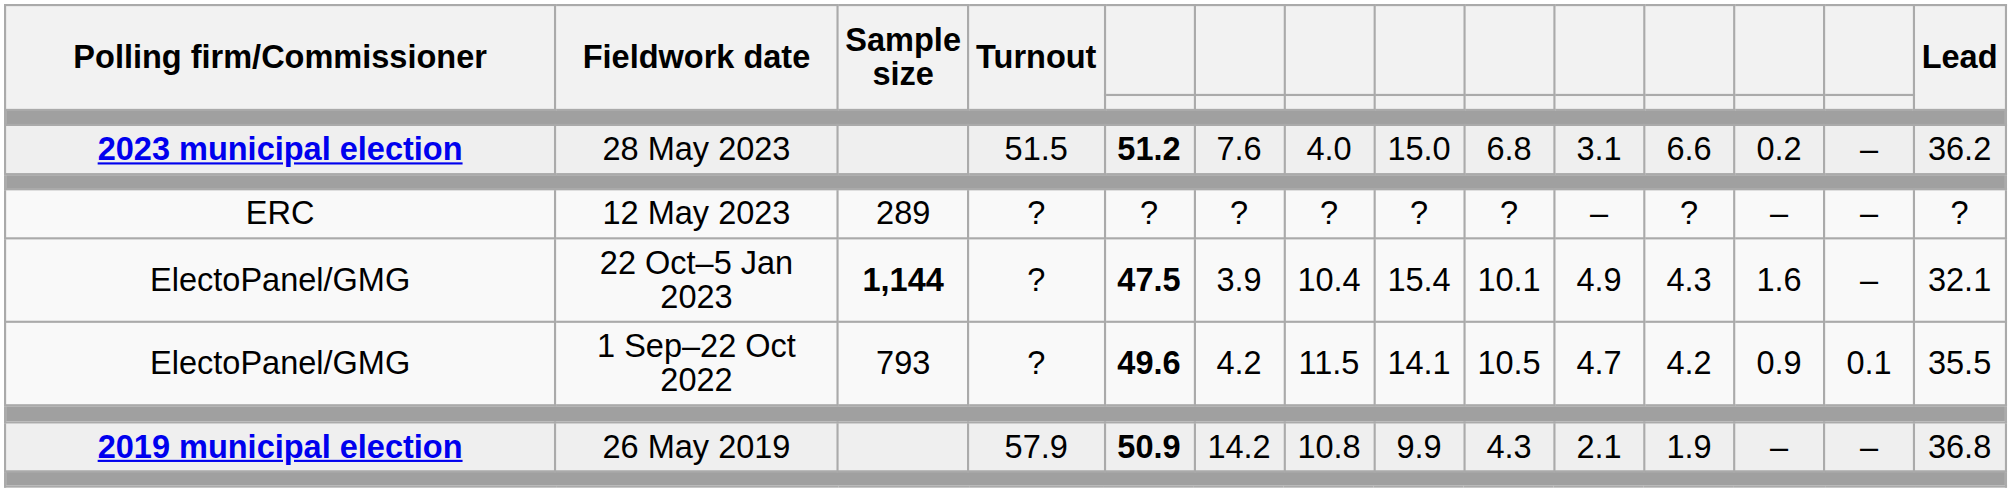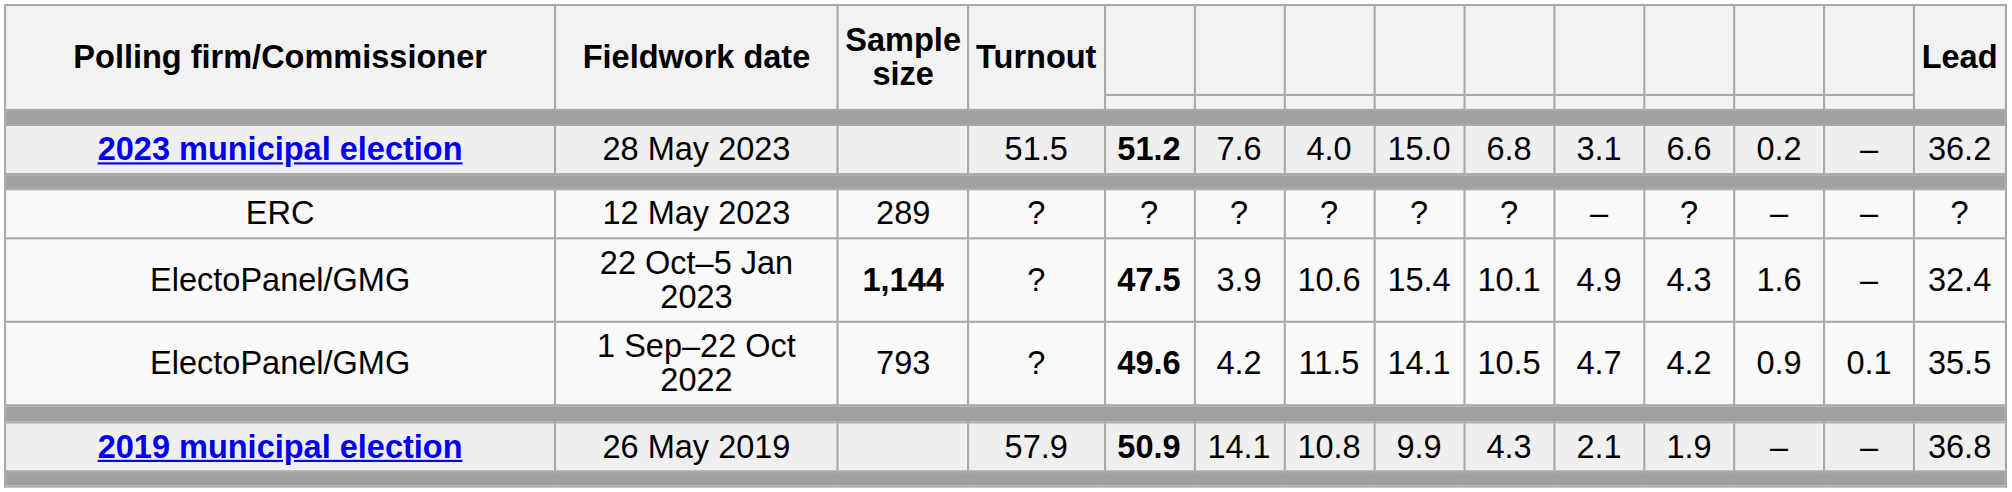 <table class="wikitable collapsible collapsed" style="text-align:center; font-size:95%; line-height:16px;">
 <tr style="height:42px;">
 <th style="width:250px;" rowspan="2">Polling firm/Commissioner</th>
 <th style="width:125px;" rowspan="2">Fieldwork date</th>
 <th style="width:50px;" rowspan="2">Sample size</th>
 <th style="width:45px;" rowspan="2">Turnout</th>
 <th style="width:35px;"></th>
 <th style="width:35px;"></th>
 <th style="width:35px;"></th>
 <th style="width:35px;"></th>
 <th style="width:35px;"></th>
 <th style="width:35px;"><br></th>
 <th style="width:35px;"></th>
 <th style="width:35px;"></th>
 <th style="width:35px;"></th>
 <th style="width:30px;" rowspan="2">Lead</th>
 </tr>
 <tr>
 <th style="color:inherit;background:"></th>
 <th style="color:inherit;background:"></th>
 <th style="color:inherit;background:"></th>
 <th style="color:inherit;background:"></th>
 <th style="color:inherit;background:"></th>
 <th style="color:inherit;background:"></th>
 <th style="color:inherit;background:"></th>
 <th style="color:inherit;background:"></th>
 <th style="color:inherit;background:"></th>
 </tr>
 <tr>
 <td colspan="15" style="background:#A0A0A0"></td>
 </tr>
 <tr style="background:#EFEFEF;">
 <td><strong><a href='#'>2023 municipal election</a></strong></td>
 <td>28 May 2023</td>
 <td></td>
 <td>51.5</td>
 <td><strong>51.2</strong><br></td>
 <td>7.6<br></td>
 <td>4.0<br></td>
 <td>15.0<br></td>
 <td>6.8<br></td>
 <td>3.1<br></td>
 <td>6.6<br></td>
 <td>0.2<br></td>
 <td>–</td>
 <td style="background:">36.2</td>
 </tr>
 <tr>
 <td colspan="15" style="background:#A0A0A0"></td>
 </tr>
 <tr>
 <td>ERC</td>
 <td>12 May 2023</td>
 <td>289</td>
 <td>?</td>
 <td>?<br></td>
 <td>?<br></td>
 <td>?<br></td>
 <td>?<br></td>
 <td>?<br></td>
 <td>–</td>
 <td>?<br></td>
 <td>–</td>
 <td>–</td>
 <td style="background:">?</td>
 </tr>
 <tr>
 <td>ElectoPanel/GMG</td>
 <td>22 Oct–5 Jan 2023</td>
 <td><strong>1,144</strong></td>
 <td>?</td>
 <td><strong>47.5</strong><br></td>
 <td>3.9<br></td>
-<td>10.4<br></td>
+<td>10.6<br></td>
 <td>15.4<br></td>
 <td>10.1<br></td>
 <td>4.9<br></td>
 <td>4.3<br></td>
 <td>1.6<br></td>
 <td>–</td>
-<td style="background:">32.1</td>
+<td style="background:">32.4</td>
 </tr>
 <tr>
 <td>ElectoPanel/GMG</td>
 <td>1 Sep–22 Oct 2022</td>
 <td>793</td>
 <td>?</td>
 <td><strong>49.6</strong><br></td>
 <td>4.2<br></td>
 <td>11.5<br></td>
 <td>14.1<br></td>
 <td>10.5<br></td>
 <td>4.7<br></td>
 <td>4.2<br></td>
 <td>0.9<br></td>
 <td>0.1<br></td>
 <td style="background:">35.5</td>
 </tr>
 <tr>
 <td colspan="14" style="background:#A0A0A0"></td>
 </tr>
 <tr style="background:#EFEFEF;">
 <td><strong><a href='#'>2019 municipal election</a></strong></td>
 <td>26 May 2019</td>
 <td></td>
 <td>57.9</td>
 <td><strong>50.9</strong><br></td>
-<td>14.2<br></td>
+<td>14.1<br></td>
 <td>10.8<br></td>
 <td>9.9<br></td>
 <td>4.3<br></td>
 <td>2.1<br></td>
 <td>1.9<br></td>
 <td>–</td>
 <td>–</td>
 <td style="background:">36.8</td>
 </tr>
 <tr>
 <td colspan="14" style="background:#A0A0A0"></td>
 </tr>
 </table>
